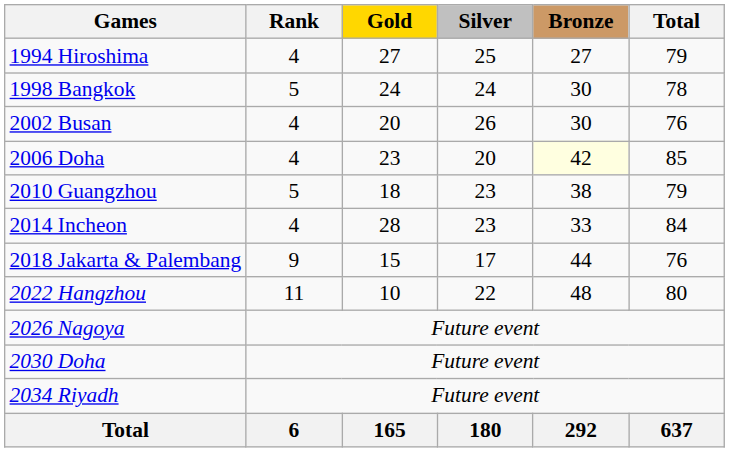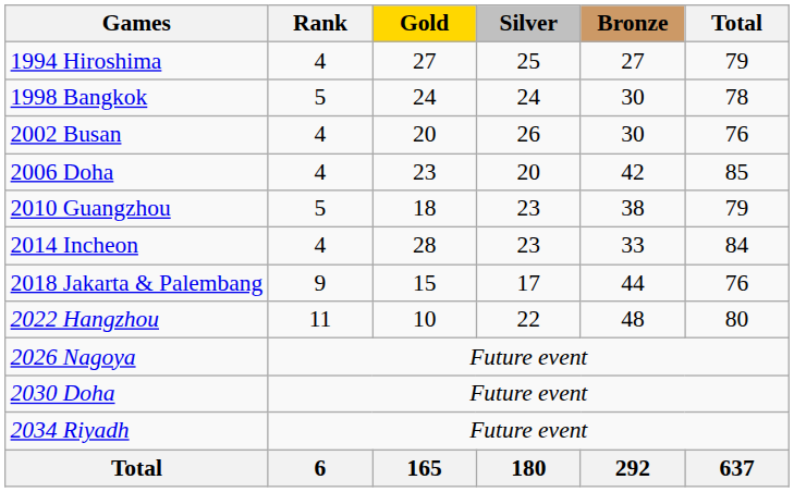 <table class="wikitable sortable" style="margin-top:0em; text-align:center; font-size:100%;">
 <tr>
 <th>Games</th>
 <th style="width:4em;">Rank</th>
 <th style="background:gold; width:4em;"><strong>Gold</strong></th>
 <th style="background:silver; width:4em;"><strong>Silver</strong></th>
 <th style="background:#cc9966; width:4em;"><strong>Bronze</strong></th>
 <th style="width:4em;">Total</th>
 </tr>
 <tr>
 <td align=left> <a href='#'>1994 Hiroshima</a></td>
 <td>4</td>
 <td>27</td>
 <td>25</td>
 <td>27</td>
 <td>79</td>
 </tr>
 <tr>
 <td align=left> <a href='#'>1998 Bangkok</a></td>
 <td>5</td>
 <td>24</td>
 <td>24</td>
 <td>30</td>
 <td>78</td>
 </tr>
 <tr>
 <td align=left> <a href='#'>2002 Busan</a></td>
 <td>4</td>
 <td>20</td>
 <td>26</td>
 <td>30</td>
 <td>76</td>
 </tr>
 <tr>
 <td align=left> <a href='#'>2006 Doha</a></td>
 <td>4</td>
 <td>23</td>
 <td>20</td>
-<td style="background: lightyellow;">42</td>
+<td>42</td>
 <td>85</td>
 </tr>
 <tr>
 <td align=left> <a href='#'>2010 Guangzhou</a></td>
 <td>5</td>
 <td>18</td>
 <td>23</td>
 <td>38</td>
 <td>79</td>
 </tr>
 <tr>
 <td align=left> <a href='#'>2014 Incheon</a></td>
 <td>4</td>
 <td>28</td>
 <td>23</td>
 <td>33</td>
 <td>84</td>
 </tr>
 <tr>
 <td align=left> <a href='#'>2018 Jakarta & Palembang</a></td>
 <td>9</td>
 <td>15</td>
 <td>17</td>
 <td>44</td>
 <td>76</td>
 </tr>
 <tr>
 <td align=left> <em><a href='#'>2022 Hangzhou</a></em></td>
 <td>11</td>
 <td>10</td>
 <td>22</td>
 <td>48</td>
 <td>80</td>
 </tr>
 <tr>
 <td align=left> <em><a href='#'>2026 Nagoya</a></em></td>
 <td colspan=5><em>Future event</em></td>
 </tr>
 <tr>
 <td align=left> <em><a href='#'>2030 Doha</a></em></td>
 <td colspan=5><em>Future event</em></td>
 </tr>
 <tr>
 <td align=left> <em><a href='#'>2034 Riyadh</a></em></td>
 <td colspan=5><em>Future event</em></td>
 </tr>
 <tr>
 <th>Total</th>
 <th>6</th>
 <th>165</th>
 <th>180</th>
 <th>292</th>
 <th>637</th>
 </tr>
 </table>
